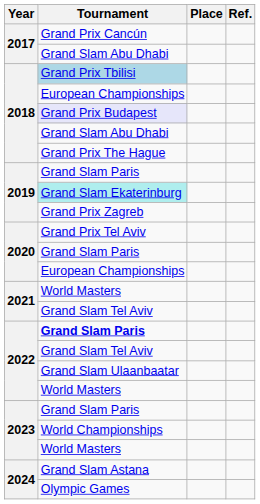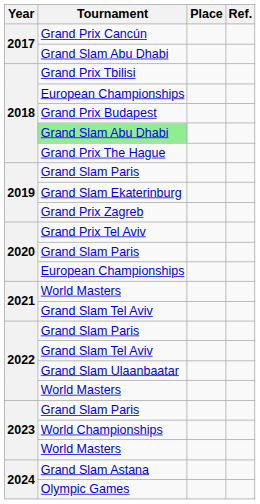 <table class="wikitable sortable" style="text-align:center;">
 <tr>
 <th>Year</th>
 <th>Tournament</th>
 <th>Place</th>
 <th>Ref.</th>
 </tr>
 <tr>
 <th rowspan=2>2017</th>
 <td align=left><a href='#'>Grand Prix Cancún</a></td>
 <td></td>
 <td></td>
 </tr>
 <tr>
 <td align=left><a href='#'>Grand Slam Abu Dhabi</a></td>
 <td></td>
 <td></td>
 </tr>
 <tr>
 <th rowspan=5>2018</th>
-<td align=left style="background: lightblue;"><a href='#'>Grand Prix Tbilisi</a></td>
+<td align=left><a href='#'>Grand Prix Tbilisi</a></td>
 <td></td>
 <td></td>
 </tr>
 <tr>
 <td align=left><a href='#'>European Championships</a></td>
 <td></td>
 <td></td>
 </tr>
 <tr>
-<td align=left style="background: lavender;"><a href='#'>Grand Prix Budapest</a></td>
+<td align=left><a href='#'>Grand Prix Budapest</a></td>
 <td></td>
 <td></td>
 </tr>
 <tr>
-<td align=left><a href='#'>Grand Slam Abu Dhabi</a></td>
+<td align=left style="background: lightgreen;"><a href='#'>Grand Slam Abu Dhabi</a></td>
 <td></td>
 <td></td>
 </tr>
 <tr>
 <td align=left><a href='#'>Grand Prix The Hague</a></td>
 <td></td>
 <td></td>
 </tr>
 <tr>
 <th rowspan=3>2019</th>
 <td align=left><a href='#'>Grand Slam Paris</a></td>
 <td></td>
 <td></td>
 </tr>
 <tr>
-<td align=left style="background: paleturquoise;"><a href='#'>Grand Slam Ekaterinburg</a></td>
+<td align=left><a href='#'>Grand Slam Ekaterinburg</a></td>
 <td></td>
 <td></td>
 </tr>
 <tr>
 <td align=left><a href='#'>Grand Prix Zagreb</a></td>
 <td></td>
 <td></td>
 </tr>
 <tr>
 <th rowspan=3>2020</th>
 <td align=left><a href='#'>Grand Prix Tel Aviv</a></td>
 <td></td>
 <td></td>
 </tr>
 <tr>
 <td align=left><a href='#'>Grand Slam Paris</a></td>
 <td></td>
 <td></td>
 </tr>
 <tr>
 <td align=left><a href='#'>European Championships</a></td>
 <td></td>
 <td></td>
 </tr>
 <tr>
 <th rowspan=2>2021</th>
 <td align=left><a href='#'>World Masters</a></td>
 <td></td>
 <td></td>
 </tr>
 <tr>
 <td align=left><a href='#'>Grand Slam Tel Aviv</a></td>
 <td></td>
 <td></td>
 </tr>
 <tr>
 <th rowspan=4>2022</th>
-<td align=left><strong><a href='#'>Grand Slam Paris</a></strong></td>
+<td align=left><a href='#'>Grand Slam Paris</a></td>
 <td></td>
 <td></td>
 </tr>
 <tr>
 <td align=left><a href='#'>Grand Slam Tel Aviv</a></td>
 <td></td>
 <td></td>
 </tr>
 <tr>
 <td align=left><a href='#'>Grand Slam Ulaanbaatar</a></td>
 <td></td>
 <td></td>
 </tr>
 <tr>
 <td align=left><a href='#'>World Masters</a></td>
 <td></td>
 <td></td>
 </tr>
 <tr>
 <th rowspan=3>2023</th>
 <td align=left><a href='#'>Grand Slam Paris</a></td>
 <td></td>
 <td></td>
 </tr>
 <tr>
 <td align=left><a href='#'>World Championships</a></td>
 <td></td>
 <td></td>
 </tr>
 <tr>
 <td align=left><a href='#'>World Masters</a></td>
 <td></td>
 <td></td>
 </tr>
 <tr>
 <th rowspan=2>2024</th>
 <td align=left><a href='#'>Grand Slam Astana</a></td>
 <td></td>
 <td></td>
 </tr>
 <tr>
 <td align=left><a href='#'>Olympic Games</a></td>
 <td></td>
 <td></td>
 </tr>
 </table>
